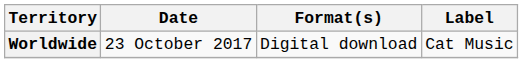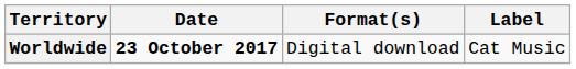 <table class="wikitable plainrowheaders">
 <tr>
 <th scope="col">Territory</th>
 <th scope="col">Date</th>
 <th scope="col">Format(s)</th>
 <th scope="col">Label</th>
 </tr>
 <tr>
 <th scope="row">Worldwide</th>
-<td>23 October 2017</td>
+<td><strong>23 October 2017</strong></td>
 <td>Digital download</td>
 <td>Cat Music</td>
 </tr>
 <tr>
 </tr>
 </table>
